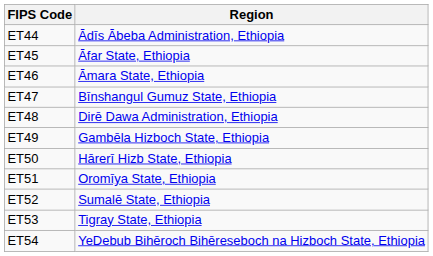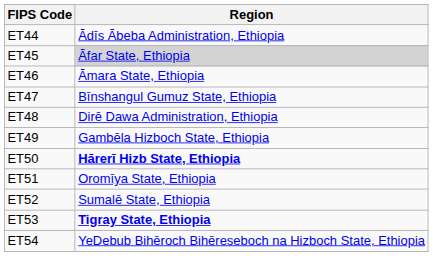 <table class="wikitable">
 <tr>
 <th>FIPS Code</th>
 <th>Region</th>
 </tr>
 <tr>
 <td>ET44</td>
 <td><a href='#'>Ādīs Ābeba Administration, Ethiopia</a></td>
 </tr>
 <tr>
 <td>ET45</td>
-<td><a href='#'>Āfar State, Ethiopia</a></td>
+<td style="background: lightgrey;"><a href='#'>Āfar State, Ethiopia</a></td>
 </tr>
 <tr>
 <td>ET46</td>
 <td><a href='#'>Āmara State, Ethiopia</a></td>
 </tr>
 <tr>
 <td>ET47</td>
 <td><a href='#'>Bīnshangul Gumuz State, Ethiopia</a></td>
 </tr>
 <tr>
 <td>ET48</td>
 <td><a href='#'>Dirē Dawa Administration, Ethiopia</a></td>
 </tr>
 <tr>
 <td>ET49</td>
 <td><a href='#'>Gambēla Hizboch State, Ethiopia</a></td>
 </tr>
 <tr>
 <td>ET50</td>
-<td><a href='#'>Hārerī Hizb State, Ethiopia</a></td>
+<td><strong><a href='#'>Hārerī Hizb State, Ethiopia</a></strong></td>
 </tr>
 <tr>
 <td>ET51</td>
 <td><a href='#'>Oromīya State, Ethiopia</a></td>
 </tr>
 <tr>
 <td>ET52</td>
 <td><a href='#'>Sumalē State, Ethiopia</a></td>
 </tr>
 <tr>
 <td>ET53</td>
-<td><a href='#'>Tigray State, Ethiopia</a></td>
+<td><strong><a href='#'>Tigray State, Ethiopia</a></strong></td>
 </tr>
 <tr>
 <td>ET54</td>
 <td><a href='#'>YeDebub Bihēroch Bihēreseboch na Hizboch State, Ethiopia</a></td>
 </tr>
 </table>
